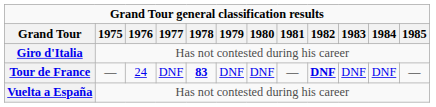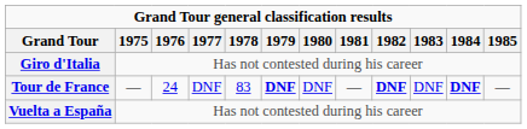 <table class="wikitable plainrowheaders">
 <tr>
 <td colspan=12 align="center"><strong>Grand Tour general classification results</strong></td>
 </tr>
 <tr>
 <th scope="col">Grand Tour</th>
 <th scope="col">1975</th>
 <th scope="col">1976</th>
 <th scope="col">1977</th>
 <th scope="col">1978</th>
 <th scope="col">1979</th>
 <th scope="col">1980</th>
 <th scope="col">1981</th>
 <th scope="col">1982</th>
 <th scope="col">1983</th>
 <th scope="col">1984</th>
 <th scope="col">1985</th>
 </tr>
 <tr style="text-align:center;">
 <th scope="row"> <a href='#'>Giro d'Italia</a></th>
 <td style="color:#4d4d4d;" colspan=11>Has not contested during his career</td>
 </tr>
 <tr style="text-align:center;">
 <th scope="row"> <a href='#'>Tour de France</a></th>
 <td>—</td>
 <td><a href='#'>24</a></td>
 <td><a href='#'>DNF</a></td>
-<td><strong><a href='#'>83</a></strong></td>
-<td><a href='#'>DNF</a></td>
+<td><a href='#'>83</a></td>
+<td><strong><a href='#'>DNF</a></strong></td>
 <td><a href='#'>DNF</a></td>
 <td>—</td>
 <td><strong><a href='#'>DNF</a></strong></td>
 <td><a href='#'>DNF</a></td>
-<td><a href='#'>DNF</a></td>
+<td><strong><a href='#'>DNF</a></strong></td>
 <td>—</td>
 </tr>
 <tr style="text-align:center;">
 <th scope="row"> <a href='#'>Vuelta a España</a></th>
 <td style="color:#4d4d4d;" colspan=11>Has not contested during his career</td>
 </tr>
 </table>
